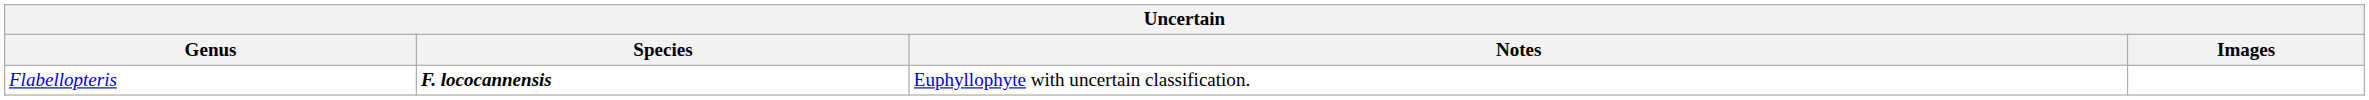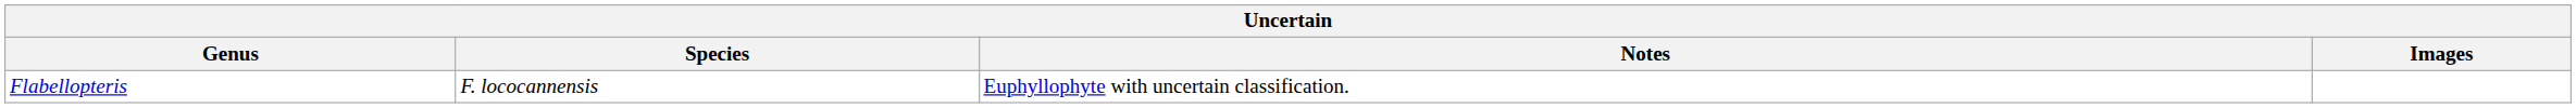 <table class="wikitable sortable" style="background:white; width:100%;">
 <tr>
 <th colspan="4" align="center">Uncertain</th>
 </tr>
 <tr>
 <th>Genus</th>
 <th>Species</th>
 <th>Notes</th>
 <th>Images</th>
 </tr>
 <tr>
 <td><em><a href='#'>Flabellopteris</a></em></td>
-<td><strong><em>F. lococannensis</em></strong></td>
+<td><em>F. lococannensis</em></td>
 <td><a href='#'>Euphyllophyte</a> with uncertain classification.</td>
 <td></td>
 </tr>
 </table>
